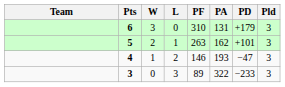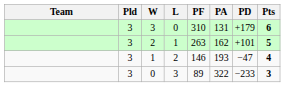 <table class=wikitable style="text-align:center">
 <tr>
 <th width=180>Team</th>
-<th width=30>Pts</th>
+<th width=30>Pld</th>
 <th width=30>W</th>
 <th width=30>L</th>
 <th width=30>PF</th>
 <th width=30>PA</th>
 <th width=30>PD</th>
-<th width=30>Pld</th>
+<th width=30>Pts</th>
 </tr>
 <tr align=center bgcolor="#ccffcc">
 <td align=left></td>
-<td><strong>6</strong></td>
+<td>3</td>
 <td>3</td>
 <td>0</td>
 <td>310</td>
 <td>131</td>
 <td>+179</td>
-<td>3</td>
+<td><strong>6</strong></td>
 </tr>
 <tr align=center bgcolor="#ccffcc">
 <td align=left></td>
-<td><strong>5</strong></td>
+<td>3</td>
 <td>2</td>
 <td>1</td>
 <td>263</td>
 <td>162</td>
 <td>+101</td>
-<td>3</td>
+<td><strong>5</strong></td>
 </tr>
 <tr align=center>
 <td align=left></td>
-<td><strong>4</strong></td>
+<td>3</td>
 <td>1</td>
 <td>2</td>
 <td>146</td>
 <td>193</td>
 <td>−47</td>
-<td>3</td>
+<td><strong>4</strong></td>
 </tr>
 <tr align=center>
 <td align=left></td>
-<td><strong>3</strong></td>
+<td>3</td>
 <td>0</td>
 <td>3</td>
 <td>89</td>
 <td>322</td>
 <td>−233</td>
-<td>3</td>
+<td><strong>3</strong></td>
 </tr>
 </table>
